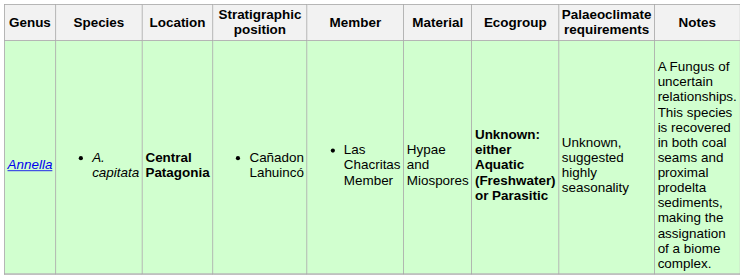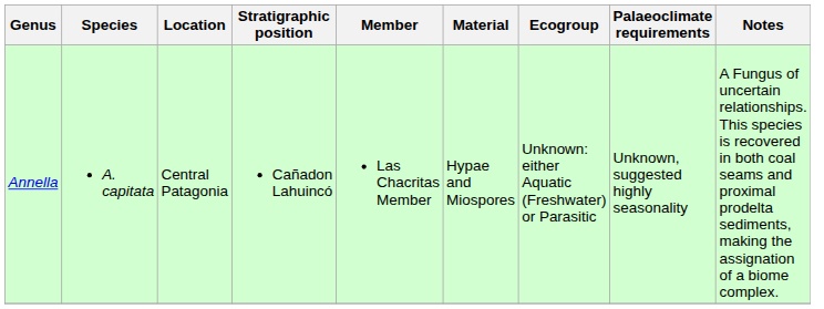 <table class="wikitable sortable">
 <tr>
 <th>Genus</th>
 <th>Species</th>
 <th>Location</th>
 <th>Stratigraphic position</th>
 <th>Member</th>
 <th>Material</th>
 <th>Ecogroup</th>
 <th>Palaeoclimate requirements</th>
 <th>Notes</th>
 </tr>
 <tr>
 <td style="background:#D1FFCF;"><br><em><a href='#'>Annella</a></em></td>
 <td style="background:#D1FFCF;"><br><ul><li><em>A. capitata</em></li></ul></td>
-<td style="background:#D1FFCF;"><strong><br>Central Patagonia</strong></td>
+<td style="background:#D1FFCF;"><br>Central Patagonia</td>
 <td style="background:#D1FFCF;"><br><ul><li>Cañadon Lahuincó</li></ul></td>
 <td style="background:#D1FFCF;"><br><ul><li>Las Chacritas Member</li></ul></td>
 <td style="background:#D1FFCF;"><br>Hypae and Miospores</td>
-<td style="background:#D1FFCF;"><strong><br>Unknown: either Aquatic (Freshwater) or Parasitic</strong></td>
+<td style="background:#D1FFCF;"><br>Unknown: either Aquatic (Freshwater) or Parasitic</td>
 <td style="background:#D1FFCF;"><br>Unknown, suggested highly seasonality</td>
 <td style="background:#D1FFCF;"><br>A Fungus of uncertain relationships. This species is recovered in both coal seams and  proximal prodelta sediments, making the assignation of a biome complex.</td>
 </tr>
 <tr>
 </tr>
 </table>
